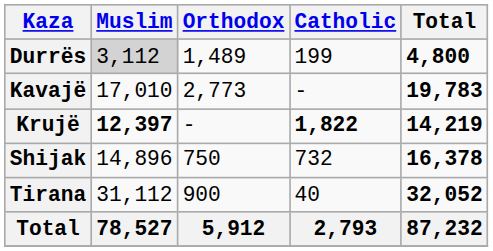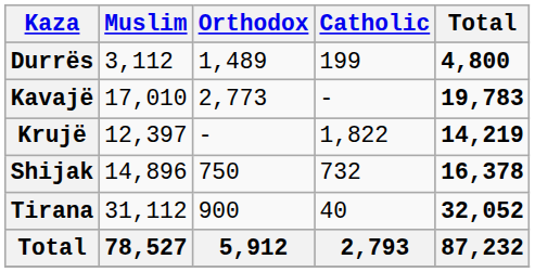 <table class=wikitable>
 <tr>
 <th><a href='#'>Kaza</a></th>
 <th><a href='#'>Muslim</a></th>
 <th><a href='#'>Orthodox</a></th>
 <th><a href='#'>Catholic</a></th>
 <th>Total</th>
 </tr>
 <tr>
 <th>Durrës</th>
-<td style="background: lightgrey;">3,112</td>
+<td>3,112</td>
 <td>1,489</td>
 <td>199</td>
 <td><strong>4,800</strong></td>
 </tr>
 <tr>
 <th>Kavajë</th>
 <td>17,010</td>
 <td>2,773</td>
 <td>-</td>
 <td><strong>19,783</strong></td>
 </tr>
 <tr>
 <th>Krujë</th>
-<td><strong>12,397</strong></td>
+<td>12,397</td>
 <td>-</td>
-<td><strong>1,822</strong></td>
+<td>1,822</td>
 <td><strong>14,219</strong></td>
 </tr>
 <tr>
 <th>Shijak</th>
 <td>14,896</td>
 <td>750</td>
 <td>732</td>
 <td><strong>16,378</strong></td>
 </tr>
 <tr>
 <th>Tirana</th>
 <td>31,112</td>
 <td>900</td>
 <td>40</td>
 <td><strong>32,052</strong></td>
 </tr>
 <tr>
 <th>Total</th>
 <th>78,527</th>
 <th>5,912</th>
 <th>2,793</th>
 <th><strong>87,232</strong></th>
 </tr>
 <tr>
 </tr>
 </table>
